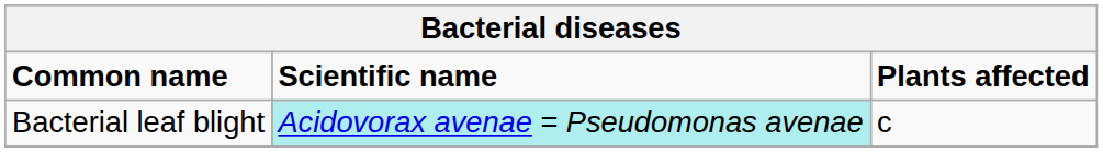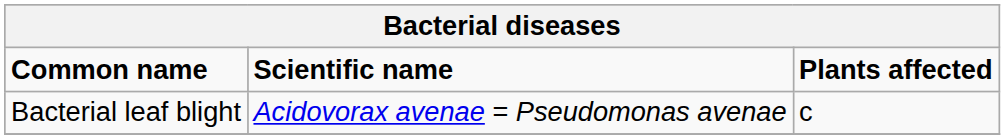 <table class="wikitable" style="clear">
 <tr>
 <th colspan=3><strong>Bacterial diseases</strong><br></th>
 </tr>
 <tr>
 <td><strong>Common name</strong></td>
 <td><strong>Scientific name</strong></td>
 <td><strong>Plants affected</strong></td>
 </tr>
 <tr>
 <td>Bacterial leaf blight</td>
-<td style="background: paleturquoise;"><em><a href='#'>Acidovorax avenae</a></em> = <em>Pseudomonas avenae</em></td>
+<td><em><a href='#'>Acidovorax avenae</a></em> = <em>Pseudomonas avenae</em></td>
 <td>c</td>
 </tr>
 <tr>
 </tr>
 </table>
